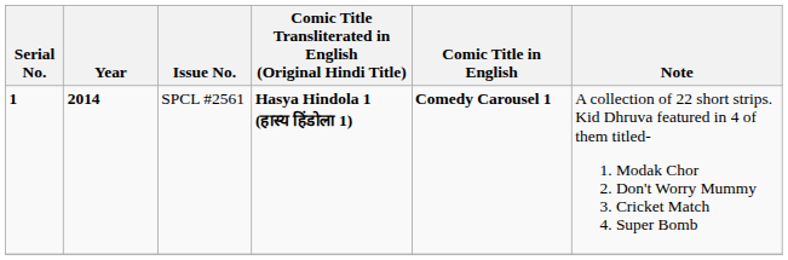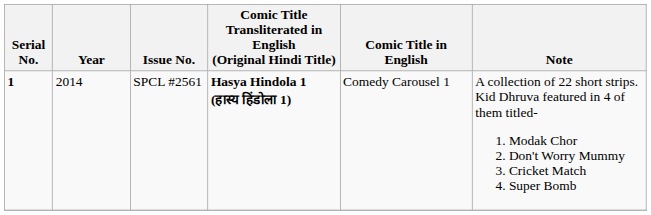 <table class="wikitable sortable">
 <tr>
 <th style="vertical-align:bottom; width:50px;" class="unsortable">Serial No.</th>
 <th style="vertical-align:bottom; width:85px;">Year</th>
 <th style="vertical-align:bottom; width:85px;" class="unsortable">Issue No.</th>
 <th style="vertical-align:bottom; width:150px;" class="unsortable">Comic Title Transliterated in English<br>(Original Hindi Title)</th>
 <th style="vertical-align:bottom; width:150px;" class="unsortable">Comic Title in English</th>
 <th style="vertical-align:bottom; width:200px;" class="unsortable">Note</th>
 </tr>
 <tr style="vertical-align:top;">
 <td><strong>1</strong></td>
-<td><strong>2014</strong></td>
+<td>2014</td>
 <td>SPCL #2561</td>
 <td><strong>Hasya Hindola 1<br>(हास्य हिंडोला 1)</strong></td>
-<td><strong>Comedy Carousel 1</strong></td>
+<td>Comedy Carousel 1</td>
 <td>A collection of 22 short strips. Kid Dhruva featured in 4 of them titled-<br><ol><li>Modak Chor</li><li>Don't Worry Mummy</li><li>Cricket Match</li><li>Super Bomb</li></ol></td>
 </tr>
 <tr style="vertical-align:top;">
 </tr>
 </table>
